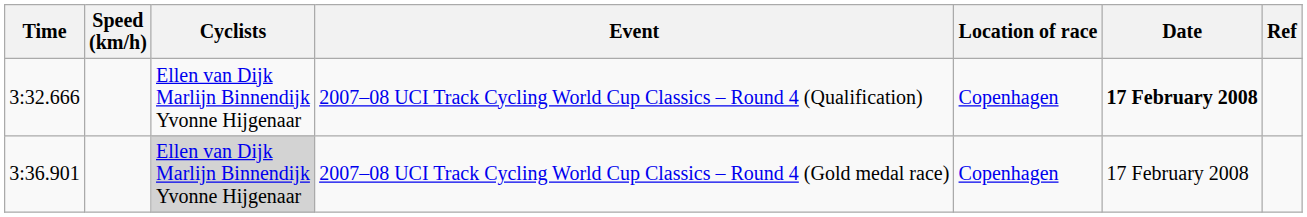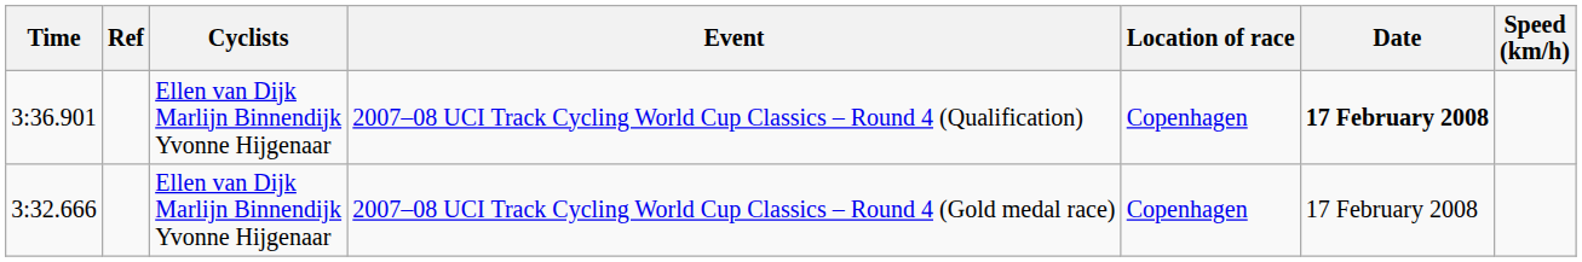 <table class="wikitable">
 <tr>
 <th>Time</th>
-<th>Speed<br>(km/h)</th>
+<th>Ref</th>
 <th>Cyclists</th>
 <th>Event</th>
 <th>Location of race</th>
 <th>Date</th>
-<th>Ref</th>
+<th>Speed<br>(km/h)</th>
 </tr>
 <tr>
-<td>3:32.666</td>
+<td>3:36.901</td>
 <td></td>
 <td><a href='#'>Ellen van Dijk</a><br><a href='#'>Marlijn Binnendijk</a><br>Yvonne Hijgenaar</td>
 <td><a href='#'>2007–08 UCI Track Cycling World Cup Classics – Round 4</a> (Qualification)</td>
 <td> <a href='#'>Copenhagen</a></td>
 <td><strong>17 February 2008</strong></td>
 <td></td>
 </tr>
 <tr>
-<td>3:36.901</td>
+<td>3:32.666</td>
 <td></td>
-<td style="background: lightgrey;"><a href='#'>Ellen van Dijk</a><br><a href='#'>Marlijn Binnendijk</a><br>Yvonne Hijgenaar</td>
+<td><a href='#'>Ellen van Dijk</a><br><a href='#'>Marlijn Binnendijk</a><br>Yvonne Hijgenaar</td>
 <td><a href='#'>2007–08 UCI Track Cycling World Cup Classics – Round 4</a> (Gold medal race)</td>
 <td> <a href='#'>Copenhagen</a></td>
 <td>17 February 2008</td>
 <td></td>
 </tr>
 </table>
